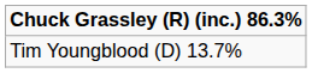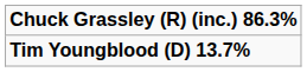 <table class="wikitable">
 <tr>
 <td><strong>Chuck Grassley (R) (inc.) 86.3%</strong></td>
 </tr>
 <tr>
-<td>Tim Youngblood (D) 13.7%</td>
+<td><strong>Tim Youngblood (D) 13.7%</strong></td>
 </tr>
 </table>
